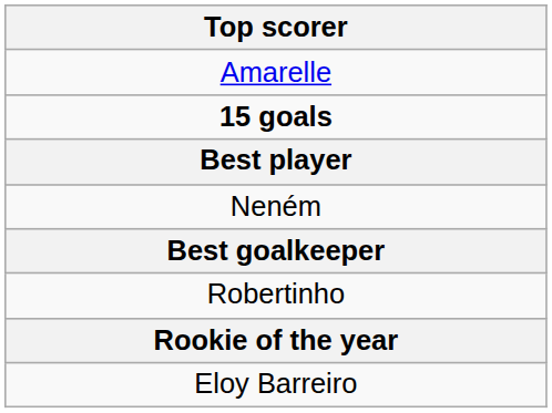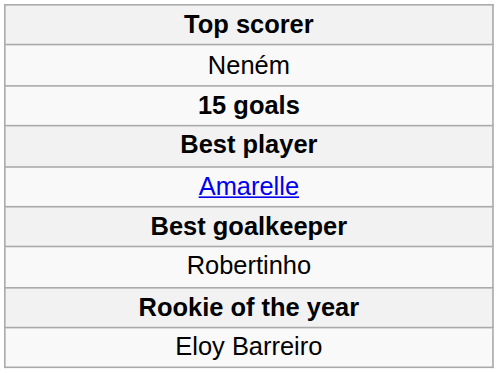 <table class="wikitable" style="margin: 1em auto 1em auto;">
 <tr>
 <th width=300>Top scorer</th>
 </tr>
 <tr align=center style="background:">
-<td style="text-align:center;"> <a href='#'>Amarelle</a></td>
+<td style="text-align:center;"> Neném</td>
 </tr>
 <tr>
 <td style="text-align:center;"><strong>15 goals</strong></td>
 </tr>
 <tr>
 <th>Best player</th>
 </tr>
 <tr>
-<td style="text-align:center;"> Neném</td>
+<td style="text-align:center;"> <a href='#'>Amarelle</a></td>
 </tr>
 <tr>
 <th>Best goalkeeper</th>
 </tr>
 <tr>
 <td style="text-align:center;"> Robertinho</td>
 </tr>
 <tr>
 <th>Rookie of the year</th>
 </tr>
 <tr>
 <td style="text-align:center;"> Eloy Barreiro</td>
 </tr>
 </table>
